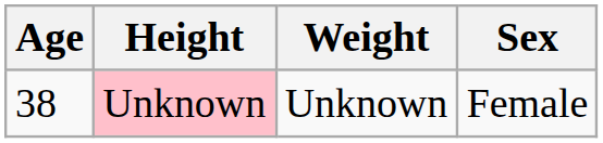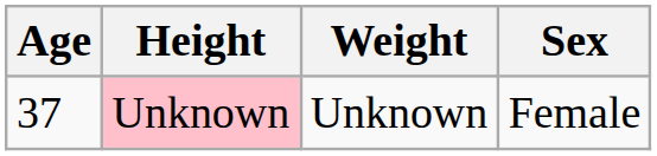 <table class="wikitable">
 <tr>
 <th>Age</th>
 <th>Height</th>
 <th>Weight</th>
 <th>Sex</th>
 </tr>
 <tr>
-<td>38</td>
+<td>37</td>
 <td style="background: pink;">Unknown</td>
 <td>Unknown</td>
 <td>Female</td>
 </tr>
 </table>
